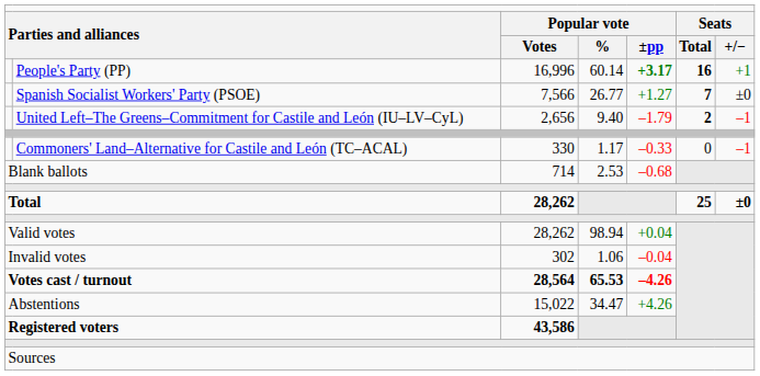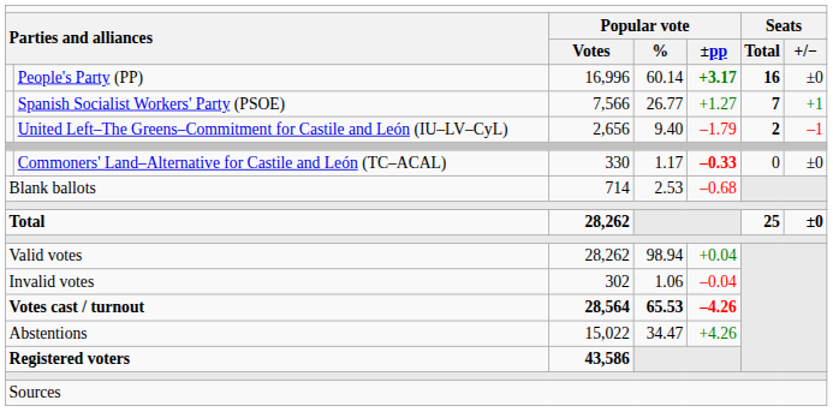 <table class="wikitable" style="text-align:right;">
 <tr>
 <td colspan="7"></td>
 </tr>
 <tr>
 <th style="text-align:left;" rowspan="2" colspan="2" width="525">Parties and alliances</th>
 <th colspan="3">Popular vote</th>
 <th colspan="2">Seats</th>
 </tr>
 <tr>
 <th width="75">Votes</th>
 <th width="45">%</th>
 <th width="45">±<a href='#'>pp</a></th>
 <th width="35">Total</th>
 <th width="35">+/−</th>
 </tr>
 <tr>
 <td width="1" style="color:inherit;background:"></td>
 <td align="left"><a href='#'>People's Party</a> (PP)</td>
 <td>16,996</td>
 <td>60.14</td>
 <td style="color:green;"><strong>+3.17</strong></td>
 <td><strong>16</strong></td>
-<td style="color:green;">+1</td>
+<td>±0</td>
 </tr>
 <tr>
 <td style="color:inherit;background:"></td>
 <td align="left"><a href='#'>Spanish Socialist Workers' Party</a> (PSOE)</td>
 <td>7,566</td>
 <td>26.77</td>
 <td style="color:green;">+1.27</td>
 <td><strong>7</strong></td>
-<td>±0</td>
+<td style="color:green;">+1</td>
 </tr>
 <tr>
 <td style="color:inherit;background:"></td>
 <td align="left"><a href='#'>United Left–The Greens–Commitment for Castile and León</a> (IU–LV–CyL)</td>
 <td>2,656</td>
 <td>9.40</td>
 <td style="color:red;">–1.79</td>
 <td><strong>2</strong></td>
 <td style="color:red;">–1</td>
 </tr>
 <tr>
 <td colspan="7" bgcolor="#C0C0C0"></td>
 </tr>
 <tr>
 <td style="color:inherit;background:"></td>
 <td align="left"><a href='#'>Commoners' Land–Alternative for Castile and León</a> (TC–ACAL)</td>
 <td>330</td>
 <td>1.17</td>
-<td style="color:red;">–0.33</td>
+<td style="color:red;"><strong>–0.33</strong></td>
 <td>0</td>
-<td style="color:red;">–1</td>
+<td>±0</td>
 </tr>
 <tr>
 <td align="left" colspan="2">Blank ballots</td>
 <td>714</td>
 <td>2.53</td>
 <td style="color:red;">–0.68</td>
 <td bgcolor="#E9E9E9" colspan="2"></td>
 </tr>
 <tr>
 <td colspan="7" bgcolor="#E9E9E9"></td>
 </tr>
 <tr style="font-weight:bold;">
 <td align="left" colspan="2">Total</td>
 <td>28,262</td>
 <td bgcolor="#E9E9E9" colspan="2"></td>
 <td>25</td>
 <td>±0</td>
 </tr>
 <tr>
 <td colspan="7" bgcolor="#E9E9E9"></td>
 </tr>
 <tr>
 <td align="left" colspan="2">Valid votes</td>
 <td>28,262</td>
 <td>98.94</td>
 <td style="color:green;">+0.04</td>
 <td bgcolor="#E9E9E9" colspan="2" rowspan="5"></td>
 </tr>
 <tr>
 <td align="left" colspan="2">Invalid votes</td>
 <td>302</td>
 <td>1.06</td>
 <td style="color:red;">–0.04</td>
 </tr>
 <tr style="font-weight:bold;">
 <td align="left" colspan="2">Votes cast / turnout</td>
 <td>28,564</td>
 <td>65.53</td>
 <td style="color:red;">–4.26</td>
 </tr>
 <tr>
 <td align="left" colspan="2">Abstentions</td>
 <td>15,022</td>
 <td>34.47</td>
 <td style="color:green;">+4.26</td>
 </tr>
 <tr style="font-weight:bold;">
 <td align="left" colspan="2">Registered voters</td>
 <td>43,586</td>
 <td bgcolor="#E9E9E9" colspan="2"></td>
 </tr>
 <tr>
 <td colspan="7" bgcolor="#E9E9E9"></td>
 </tr>
 <tr>
 <td align="left" colspan="7">Sources</td>
 </tr>
 </table>
